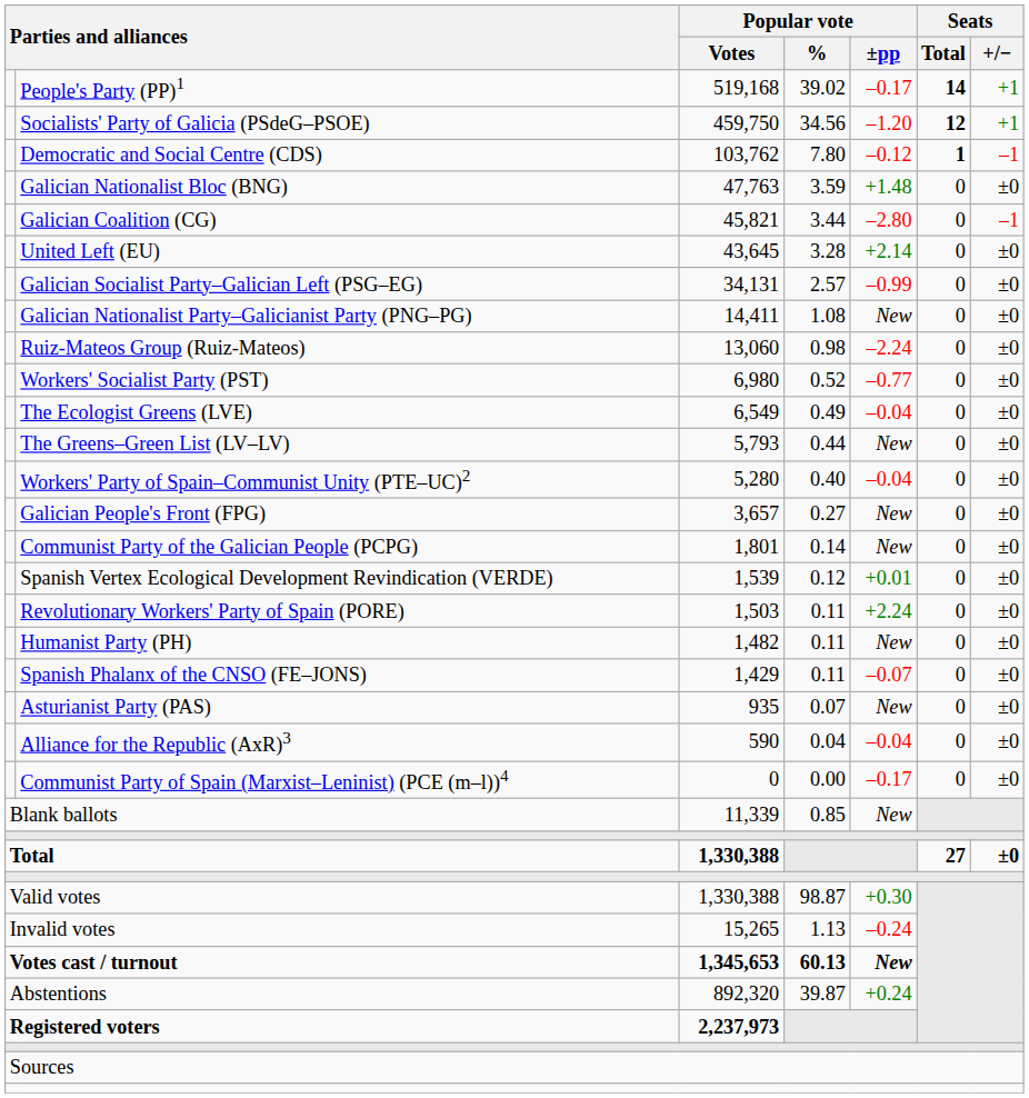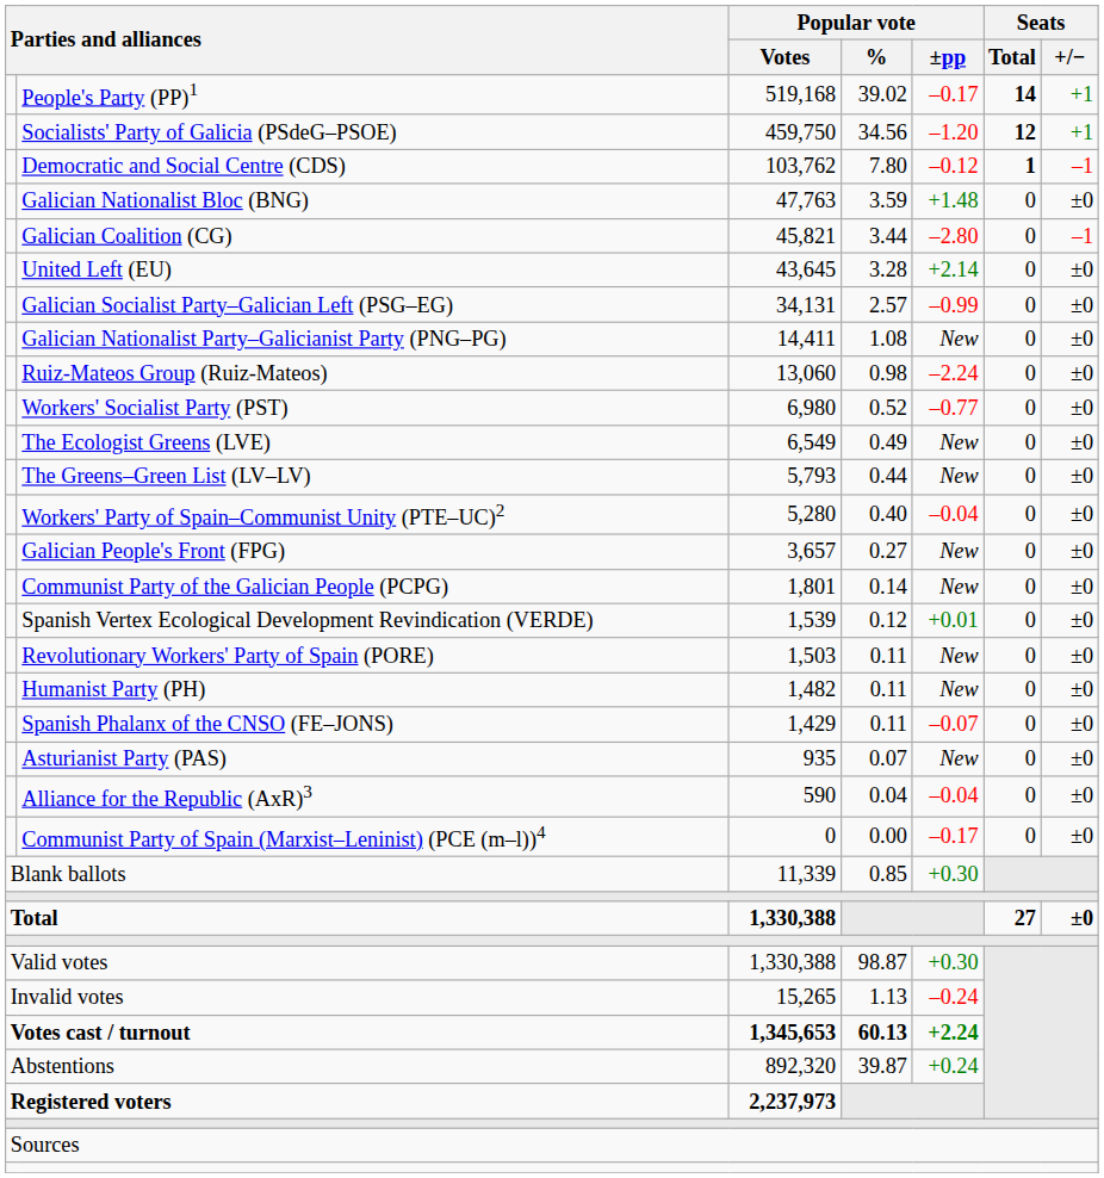 <table class="wikitable" style="text-align:right;">
 <tr>
 <th style="text-align:left;" rowspan="2" colspan="2" width="525">Parties and alliances</th>
 <th colspan="3">Popular vote</th>
 <th colspan="2">Seats</th>
 </tr>
 <tr>
 <th width="75">Votes</th>
 <th width="45">%</th>
 <th width="45">±<a href='#'>pp</a></th>
 <th width="35">Total</th>
 <th width="35">+/−</th>
 </tr>
 <tr>
 <td width="1" style="color:inherit;background:"></td>
 <td align="left"><a href='#'>People's Party</a> (PP)<sup>1</sup></td>
 <td>519,168</td>
 <td>39.02</td>
 <td style="color:red;">–0.17</td>
 <td><strong>14</strong></td>
 <td style="color:green;">+1</td>
 </tr>
 <tr>
 <td style="color:inherit;background:"></td>
 <td align="left"><a href='#'>Socialists' Party of Galicia</a> (PSdeG–PSOE)</td>
 <td>459,750</td>
 <td>34.56</td>
 <td style="color:red;">–1.20</td>
 <td><strong>12</strong></td>
 <td style="color:green;">+1</td>
 </tr>
 <tr>
 <td style="color:inherit;background:"></td>
 <td align="left"><a href='#'>Democratic and Social Centre</a> (CDS)</td>
 <td>103,762</td>
 <td>7.80</td>
 <td style="color:red;">–0.12</td>
 <td><strong>1</strong></td>
 <td style="color:red;">–1</td>
 </tr>
 <tr>
 <td style="color:inherit;background:"></td>
 <td align="left"><a href='#'>Galician Nationalist Bloc</a> (BNG)</td>
 <td>47,763</td>
 <td>3.59</td>
 <td style="color:green;">+1.48</td>
 <td>0</td>
 <td>±0</td>
 </tr>
 <tr>
 <td style="color:inherit;background:"></td>
 <td align="left"><a href='#'>Galician Coalition</a> (CG)</td>
 <td>45,821</td>
 <td>3.44</td>
 <td style="color:red;">–2.80</td>
 <td>0</td>
 <td style="color:red;">–1</td>
 </tr>
 <tr>
 <td style="color:inherit;background:"></td>
 <td align="left"><a href='#'>United Left</a> (EU)</td>
 <td>43,645</td>
 <td>3.28</td>
 <td style="color:green;">+2.14</td>
 <td>0</td>
 <td>±0</td>
 </tr>
 <tr>
 <td style="color:inherit;background:"></td>
 <td align="left"><a href='#'>Galician Socialist Party–Galician Left</a> (PSG–EG)</td>
 <td>34,131</td>
 <td>2.57</td>
 <td style="color:red;">–0.99</td>
 <td>0</td>
 <td>±0</td>
 </tr>
 <tr>
 <td style="color:inherit;background:"></td>
 <td align="left"><a href='#'>Galician Nationalist Party–Galicianist Party</a> (PNG–PG)</td>
 <td>14,411</td>
 <td>1.08</td>
 <td><em>New</em></td>
 <td>0</td>
 <td>±0</td>
 </tr>
 <tr>
 <td style="color:inherit;background:"></td>
 <td align="left"><a href='#'>Ruiz-Mateos Group</a> (Ruiz-Mateos)</td>
 <td>13,060</td>
 <td>0.98</td>
 <td style="color:red;">–2.24</td>
 <td>0</td>
 <td>±0</td>
 </tr>
 <tr>
 <td style="color:inherit;background:"></td>
 <td align="left"><a href='#'>Workers' Socialist Party</a> (PST)</td>
 <td>6,980</td>
 <td>0.52</td>
 <td style="color:red;">–0.77</td>
 <td>0</td>
 <td>±0</td>
 </tr>
 <tr>
 <td style="color:inherit;background:"></td>
 <td align="left"><a href='#'>The Ecologist Greens</a> (LVE)</td>
 <td>6,549</td>
 <td>0.49</td>
-<td style="color:red;">–0.04</td>
+<td><em>New</em></td>
 <td>0</td>
 <td>±0</td>
 </tr>
 <tr>
 <td style="color:inherit;background:"></td>
 <td align="left"><a href='#'>The Greens–Green List</a> (LV–LV)</td>
 <td>5,793</td>
 <td>0.44</td>
 <td><em>New</em></td>
 <td>0</td>
 <td>±0</td>
 </tr>
 <tr>
 <td style="color:inherit;background:"></td>
 <td align="left"><a href='#'>Workers' Party of Spain–Communist Unity</a> (PTE–UC)<sup>2</sup></td>
 <td>5,280</td>
 <td>0.40</td>
 <td style="color:red;">–0.04</td>
 <td>0</td>
 <td>±0</td>
 </tr>
 <tr>
 <td style="color:inherit;background:"></td>
 <td align="left"><a href='#'>Galician People's Front</a> (FPG)</td>
 <td>3,657</td>
 <td>0.27</td>
 <td><em>New</em></td>
 <td>0</td>
 <td>±0</td>
 </tr>
 <tr>
 <td style="color:inherit;background:"></td>
 <td align="left"><a href='#'>Communist Party of the Galician People</a> (PCPG)</td>
 <td>1,801</td>
 <td>0.14</td>
 <td><em>New</em></td>
 <td>0</td>
 <td>±0</td>
 </tr>
 <tr>
 <td style="color:inherit;background:"></td>
 <td align="left">Spanish Vertex Ecological Development Revindication (VERDE)</td>
 <td>1,539</td>
 <td>0.12</td>
 <td style="color:green;">+0.01</td>
 <td>0</td>
 <td>±0</td>
 </tr>
 <tr>
 <td style="color:inherit;background:"></td>
 <td align="left"><a href='#'>Revolutionary Workers' Party of Spain</a> (PORE)</td>
 <td>1,503</td>
 <td>0.11</td>
-<td style="color:green;">+2.24</td>
+<td><em>New</em></td>
 <td>0</td>
 <td>±0</td>
 </tr>
 <tr>
 <td style="color:inherit;background:"></td>
 <td align="left"><a href='#'>Humanist Party</a> (PH)</td>
 <td>1,482</td>
 <td>0.11</td>
 <td><em>New</em></td>
 <td>0</td>
 <td>±0</td>
 </tr>
 <tr>
 <td style="color:inherit;background:"></td>
 <td align="left"><a href='#'>Spanish Phalanx of the CNSO</a> (FE–JONS)</td>
 <td>1,429</td>
 <td>0.11</td>
 <td style="color:red;">–0.07</td>
 <td>0</td>
 <td>±0</td>
 </tr>
 <tr>
 <td style="color:inherit;background:"></td>
 <td align="left"><a href='#'>Asturianist Party</a> (PAS)</td>
 <td>935</td>
 <td>0.07</td>
 <td><em>New</em></td>
 <td>0</td>
 <td>±0</td>
 </tr>
 <tr>
 <td style="color:inherit;background:"></td>
 <td align="left"><a href='#'>Alliance for the Republic</a> (AxR)<sup>3</sup></td>
 <td>590</td>
 <td>0.04</td>
 <td style="color:red;">–0.04</td>
 <td>0</td>
 <td>±0</td>
 </tr>
 <tr>
 <td style="color:inherit;background:"></td>
 <td align="left"><a href='#'>Communist Party of Spain (Marxist–Leninist)</a> (PCE (m–l))<sup>4</sup></td>
 <td>0</td>
 <td>0.00</td>
 <td style="color:red;">–0.17</td>
 <td>0</td>
 <td>±0</td>
 </tr>
 <tr>
 <td align="left" colspan="2">Blank ballots</td>
 <td>11,339</td>
 <td>0.85</td>
-<td><em>New</em></td>
+<td style="color:green;">+0.30</td>
 <td bgcolor="#E9E9E9" colspan="2"></td>
 </tr>
 <tr>
 <td colspan="7" bgcolor="#E9E9E9"></td>
 </tr>
 <tr style="font-weight:bold;">
 <td align="left" colspan="2">Total</td>
 <td>1,330,388</td>
 <td bgcolor="#E9E9E9" colspan="2"></td>
 <td>27</td>
 <td>±0</td>
 </tr>
 <tr>
 <td colspan="7" bgcolor="#E9E9E9"></td>
 </tr>
 <tr>
 <td align="left" colspan="2">Valid votes</td>
 <td>1,330,388</td>
 <td>98.87</td>
 <td style="color:green;">+0.30</td>
 <td bgcolor="#E9E9E9" colspan="2" rowspan="5"></td>
 </tr>
 <tr>
 <td align="left" colspan="2">Invalid votes</td>
 <td>15,265</td>
 <td>1.13</td>
 <td style="color:red;">–0.24</td>
 </tr>
 <tr style="font-weight:bold;">
 <td align="left" colspan="2">Votes cast / turnout</td>
 <td>1,345,653</td>
 <td>60.13</td>
-<td><em>New</em></td>
+<td style="color:green;">+2.24</td>
 </tr>
 <tr>
 <td align="left" colspan="2">Abstentions</td>
 <td>892,320</td>
 <td>39.87</td>
 <td style="color:green;">+0.24</td>
 </tr>
 <tr style="font-weight:bold;">
 <td align="left" colspan="2">Registered voters</td>
 <td>2,237,973</td>
 <td bgcolor="#E9E9E9" colspan="2"></td>
 </tr>
 <tr>
 <td colspan="7" bgcolor="#E9E9E9"></td>
 </tr>
 <tr>
 <td align="left" colspan="7">Sources</td>
 </tr>
 <tr>
 <td colspan="7" style="text-align:left; max-width:790px;"></td>
 </tr>
 </table>
